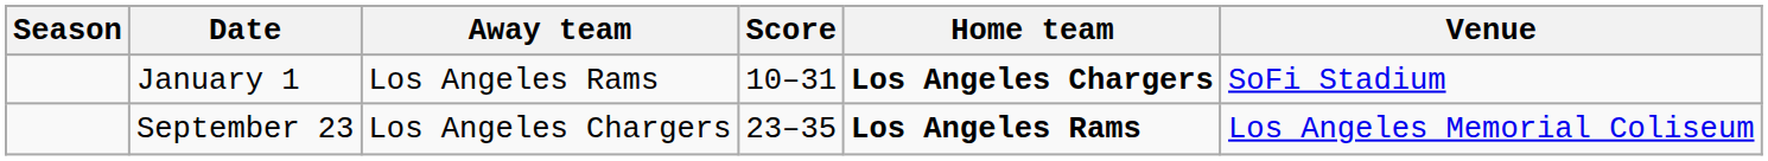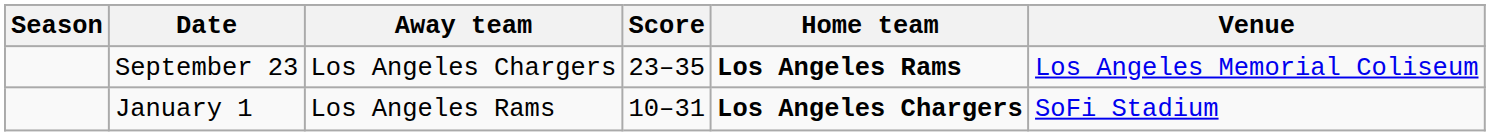 <table class="wikitable">
 <tr>
 <th>Season</th>
 <th>Date</th>
 <th>Away team</th>
 <th>Score</th>
 <th>Home team</th>
 <th>Venue</th>
 </tr>
 <tr>
 <td></td>
+<td>September 23</td>
+<td>Los Angeles Chargers</td>
+<td>23–35</td>
+<td><strong>Los Angeles Rams</strong></td>
+<td><a href='#'>Los Angeles Memorial Coliseum</a></td>
+</tr>
+<tr>
+<td></td>
 <td>January 1</td>
 <td>Los Angeles Rams</td>
 <td>10–31</td>
 <td><strong>Los Angeles Chargers</strong></td>
 <td><a href='#'>SoFi Stadium</a></td>
 </tr>
-<tr>
-<td></td>
-<td>September 23</td>
-<td>Los Angeles Chargers</td>
-<td>23–35</td>
-<td><strong>Los Angeles Rams</strong></td>
-<td><a href='#'>Los Angeles Memorial Coliseum</a></td>
-</tr>
 </table>
